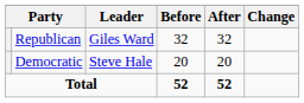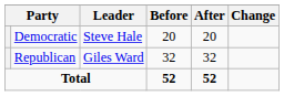 <table class="wikitable" style="text-align:center;">
 <tr>
 </tr>
 <tr>
 <th colspan=2>Party</th>
 <th>Leader</th>
 <th>Before</th>
 <th>After</th>
 <th>Change</th>
 </tr>
 <tr>
 <th style="background-color:"></th>
+<td style="text-align:left;"><a href='#'>Democratic</a></td>
+<td style="text-align:left;"><a href='#'>Steve Hale</a></td>
+<td>20</td>
+<td>20</td>
+<td></td>
+</tr>
+<tr>
+<th style="background-color:"></th>
 <td style="text-align:left;"><a href='#'>Republican</a></td>
 <td style="text-align:left;"><a href='#'>Giles Ward</a></td>
 <td>32</td>
 <td>32</td>
-<td></td>
-</tr>
-<tr>
-<th style="background-color:"></th>
-<td style="text-align:left;"><a href='#'>Democratic</a></td>
-<td style="text-align:left;"><a href='#'>Steve Hale</a></td>
-<td>20</td>
-<td>20</td>
 <td></td>
 </tr>
 <tr>
 <td colspan=3><strong>Total</strong></td>
 <td><strong>52</strong></td>
 <td><strong>52</strong></td>
 </tr>
 </table>
